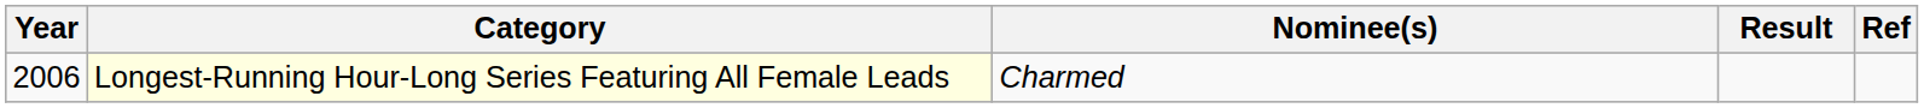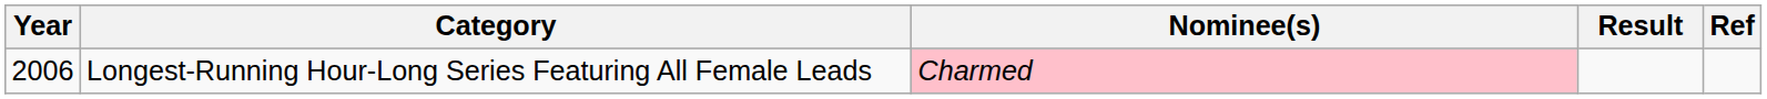 <table class="wikitable">
 <tr>
 <th>Year</th>
 <th width=470>Category</th>
 <th width=375>Nominee(s)</th>
 <th width=65>Result</th>
 <th>Ref</th>
 </tr>
 <tr>
 <td>2006</td>
-<td style="background: lightyellow;">Longest-Running Hour-Long Series Featuring All Female Leads</td>
-<td><em>Charmed</em></td>
+<td>Longest-Running Hour-Long Series Featuring All Female Leads</td>
+<td style="background: pink;"><em>Charmed</em></td>
 <td></td>
 <td></td>
 </tr>
 </table>
